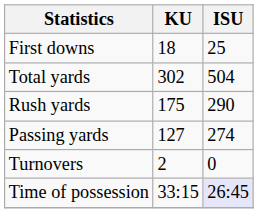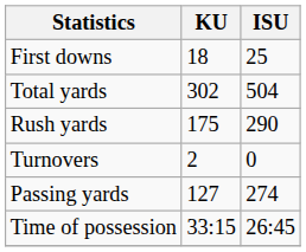 <table class="wikitable" style="float: left;">
 <tr>
 <th>Statistics</th>
 <th>KU</th>
 <th>ISU</th>
 </tr>
 <tr>
 <td>First downs</td>
 <td>18</td>
 <td>25</td>
 </tr>
 <tr>
 <td>Total yards</td>
 <td>302</td>
 <td>504</td>
 </tr>
 <tr>
 <td>Rush yards</td>
 <td>175</td>
 <td>290</td>
 </tr>
 <tr>
+<td>Turnovers</td>
+<td>2</td>
+<td>0</td>
+</tr>
+<tr>
 <td>Passing yards</td>
 <td>127</td>
 <td>274</td>
 </tr>
 <tr>
-<td>Turnovers</td>
-<td>2</td>
-<td>0</td>
-</tr>
-<tr>
 <td>Time of possession</td>
 <td>33:15</td>
-<td style="background: lavender;">26:45</td>
+<td>26:45</td>
 </tr>
 <tr>
 </tr>
 </table>
